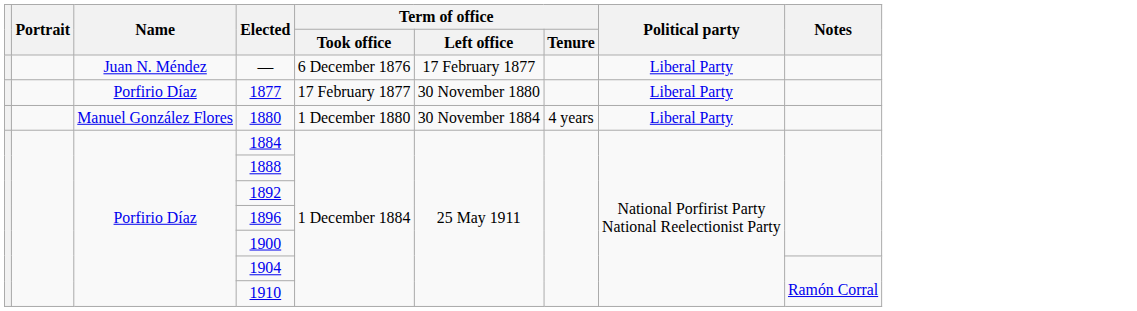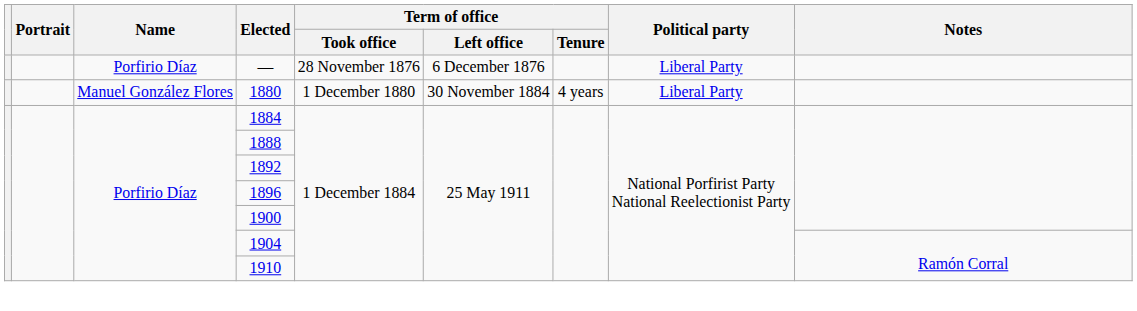 <table class="wikitable" style="text-align:center;">
 <tr>
 <th rowspan="2"></th>
 <th rowspan="2">Portrait</th>
 <th rowspan="2">Name<br></th>
 <th rowspan="2">Elected</th>
 <th colspan="3">Term of office</th>
 <th rowspan="2">Political party</th>
 <th rowspan="2">Notes</th>
 </tr>
 <tr>
 <th>Took office</th>
 <th>Left office</th>
 <th>Tenure</th>
 </tr>
 <tr>
 <th style="background:"></th>
 <td></td>
-<td><a href='#'>Juan N. Méndez</a><br></td>
+<td><a href='#'>Porfirio Díaz</a><br></td>
 <td>—</td>
+<td>28 November 1876</td>
 <td>6 December 1876</td>
-<td>17 February 1877</td>
 <td></td>
 <td><a href='#'>Liberal Party</a></td>
-<td></td>
-</tr>
-<tr>
-<th style="background:"></th>
-<td></td>
-<td><a href='#'>Porfirio Díaz</a><br></td>
-<td><a href='#'>1877</a></td>
-<td>17 February 1877</td>
-<td>30 November 1880</td>
-<td></td>
-<td><a href='#'>Liberal Party</a></td>
-<td></td>
+<td style="width:30%;"></td>
 </tr>
 <tr>
 <th style="background:"></th>
 <td></td>
 <td><a href='#'>Manuel González Flores</a><br></td>
 <td><a href='#'>1880</a></td>
 <td>1 December 1880</td>
 <td>30 November 1884</td>
 <td>4 years</td>
 <td><a href='#'>Liberal Party</a></td>
 <td></td>
 </tr>
 <tr>
 <th rowspan="7" style="background:"></th>
 <td rowspan="7"></td>
 <td rowspan="7"><a href='#'>Porfirio Díaz</a><br></td>
 <td><a href='#'>1884</a></td>
 <td rowspan="7">1 December 1884</td>
 <td rowspan="7">25 May 1911</td>
 <td rowspan="7"></td>
 <td rowspan="7">National Porfirist Party<br>National Reelectionist Party</td>
 <td rowspan="5"></td>
 </tr>
 <tr>
 <td><a href='#'>1888</a></td>
 </tr>
 <tr>
 <td><a href='#'>1892</a></td>
 </tr>
 <tr>
 <td><a href='#'>1896</a></td>
 </tr>
 <tr>
 <td><a href='#'>1900</a></td>
 </tr>
 <tr>
 <td><a href='#'>1904</a></td>
 <td rowspan="2"><br><a href='#'>Ramón Corral</a><br></td>
 </tr>
 <tr>
 <td><a href='#'>1910</a></td>
 </tr>
 </table>
